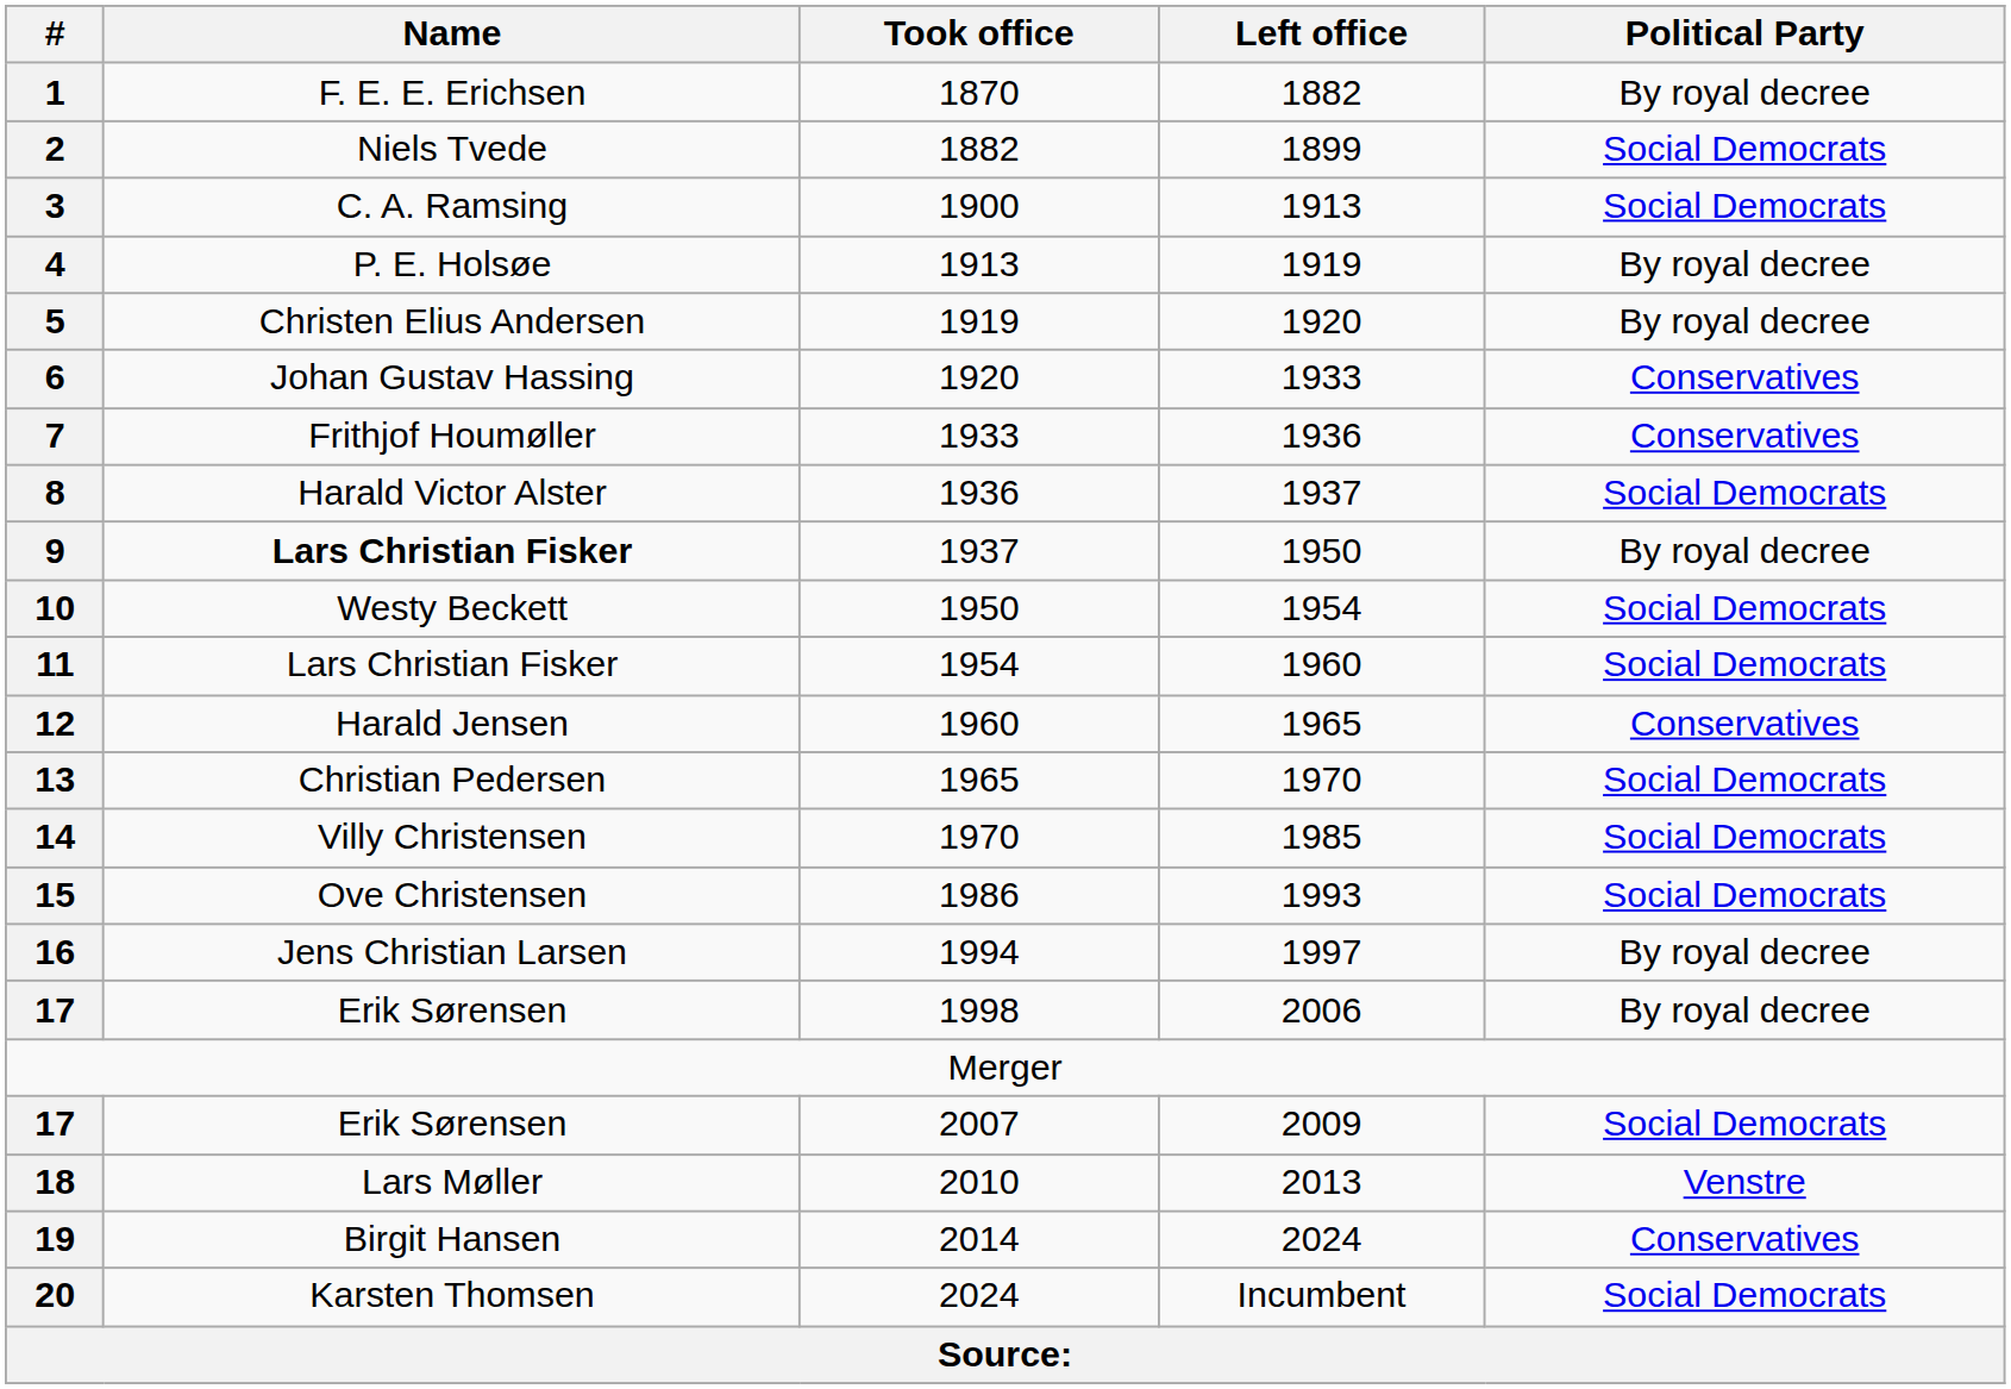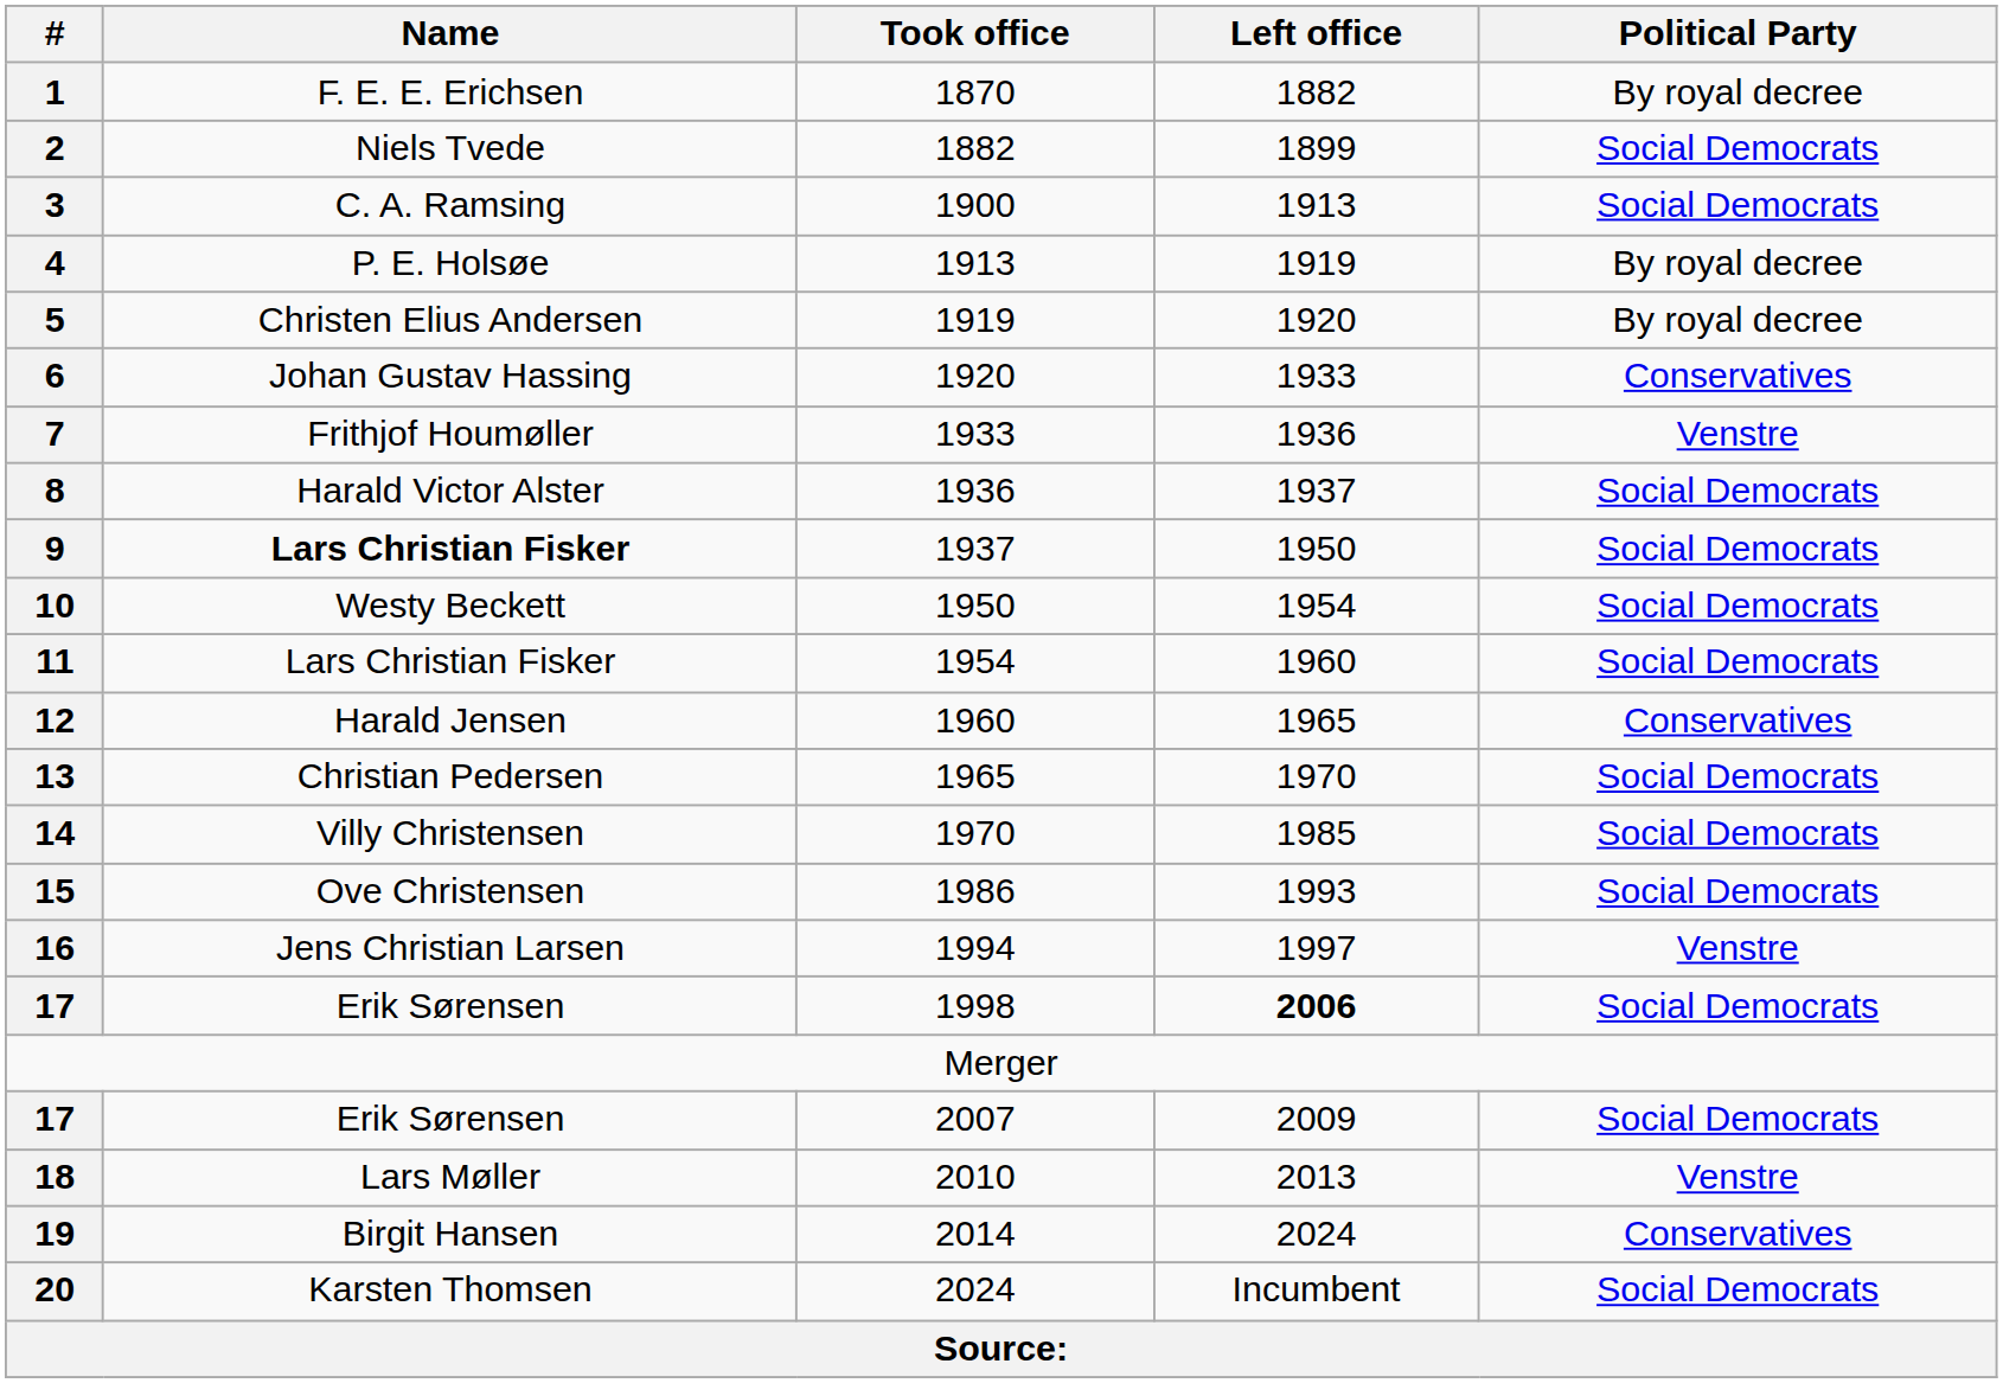 <table class="wikitable" width="70%" style="text-align:center;">
 <tr>
 <th>#</th>
 <th>Name</th>
 <th>Took office</th>
 <th>Left office</th>
 <th>Political Party</th>
 </tr>
 <tr>
 <th>1</th>
 <td>F. E. E. Erichsen</td>
 <td>1870</td>
 <td>1882</td>
 <td>By royal decree</td>
 </tr>
 <tr>
 <th>2</th>
 <td>Niels Tvede</td>
 <td>1882</td>
 <td>1899</td>
 <td><a href='#'>Social Democrats</a></td>
 </tr>
 <tr>
 <th>3</th>
 <td>C. A. Ramsing</td>
 <td>1900</td>
 <td>1913</td>
 <td><a href='#'>Social Democrats</a></td>
 </tr>
 <tr>
 <th>4</th>
 <td>P. E. Holsøe</td>
 <td>1913</td>
 <td>1919</td>
 <td>By royal decree</td>
 </tr>
 <tr>
 <th style="background:">5</th>
 <td>Christen Elius Andersen</td>
 <td>1919</td>
 <td>1920</td>
 <td>By royal decree</td>
 </tr>
 <tr>
 <th style="background:">6</th>
 <td>Johan Gustav Hassing</td>
 <td>1920</td>
 <td>1933</td>
 <td><a href='#'>Conservatives</a></td>
 </tr>
 <tr>
 <th style="background:">7</th>
 <td>Frithjof Houmøller</td>
 <td>1933</td>
 <td>1936</td>
-<td><a href='#'>Conservatives</a></td>
+<td><a href='#'>Venstre</a></td>
 </tr>
 <tr>
 <th style="background:">8</th>
 <td>Harald Victor Alster</td>
 <td>1936</td>
 <td>1937</td>
 <td><a href='#'>Social Democrats</a></td>
 </tr>
 <tr>
 <th style="background:">9</th>
 <td><strong>Lars Christian Fisker</strong></td>
 <td>1937</td>
 <td>1950</td>
-<td>By royal decree</td>
+<td><a href='#'>Social Democrats</a></td>
 </tr>
 <tr>
 <th style="background:">10</th>
 <td>Westy Beckett</td>
 <td>1950</td>
 <td>1954</td>
 <td><a href='#'>Social Democrats</a></td>
 </tr>
 <tr>
 <th style="background:">11</th>
 <td>Lars Christian Fisker</td>
 <td>1954</td>
 <td>1960</td>
 <td><a href='#'>Social Democrats</a></td>
 </tr>
 <tr>
 <th style="background:">12</th>
 <td>Harald Jensen</td>
 <td>1960</td>
 <td>1965</td>
 <td><a href='#'>Conservatives</a></td>
 </tr>
 <tr>
 <th style="background:">13</th>
 <td>Christian Pedersen</td>
 <td>1965</td>
 <td>1970</td>
 <td><a href='#'>Social Democrats</a></td>
 </tr>
 <tr>
 <th style="background:">14</th>
 <td>Villy Christensen</td>
 <td>1970</td>
 <td>1985</td>
 <td><a href='#'>Social Democrats</a></td>
 </tr>
 <tr>
 <th style="background:">15</th>
 <td>Ove Christensen</td>
 <td>1986</td>
 <td>1993</td>
 <td><a href='#'>Social Democrats</a></td>
 </tr>
 <tr>
 <th style="background:">16</th>
 <td>Jens Christian Larsen</td>
 <td>1994</td>
 <td>1997</td>
-<td>By royal decree</td>
+<td><a href='#'>Venstre</a></td>
 </tr>
 <tr>
 <th style="background:">17</th>
 <td>Erik Sørensen</td>
 <td>1998</td>
-<td>2006</td>
-<td>By royal decree</td>
+<td><strong>2006</strong></td>
+<td><a href='#'>Social Democrats</a></td>
 </tr>
 <tr>
 <td colspan=5 align=center>Merger</td>
 </tr>
 <tr>
 <th style="background:">17</th>
 <td>Erik Sørensen</td>
 <td>2007</td>
 <td>2009</td>
 <td><a href='#'>Social Democrats</a></td>
 </tr>
 <tr>
 <th style="background:">18</th>
 <td>Lars Møller</td>
 <td>2010</td>
 <td>2013</td>
 <td><a href='#'>Venstre</a></td>
 </tr>
 <tr>
 <th style="background:">19</th>
 <td>Birgit Hansen</td>
 <td>2014</td>
 <td>2024</td>
 <td><a href='#'>Conservatives</a></td>
 </tr>
 <tr>
 <th style="background:">20</th>
 <td>Karsten Thomsen</td>
 <td>2024</td>
 <td>Incumbent</td>
 <td><a href='#'>Social Democrats</a></td>
 </tr>
 <tr>
 <th colspan=5 align=left>Source:</th>
 </tr>
 </table>
